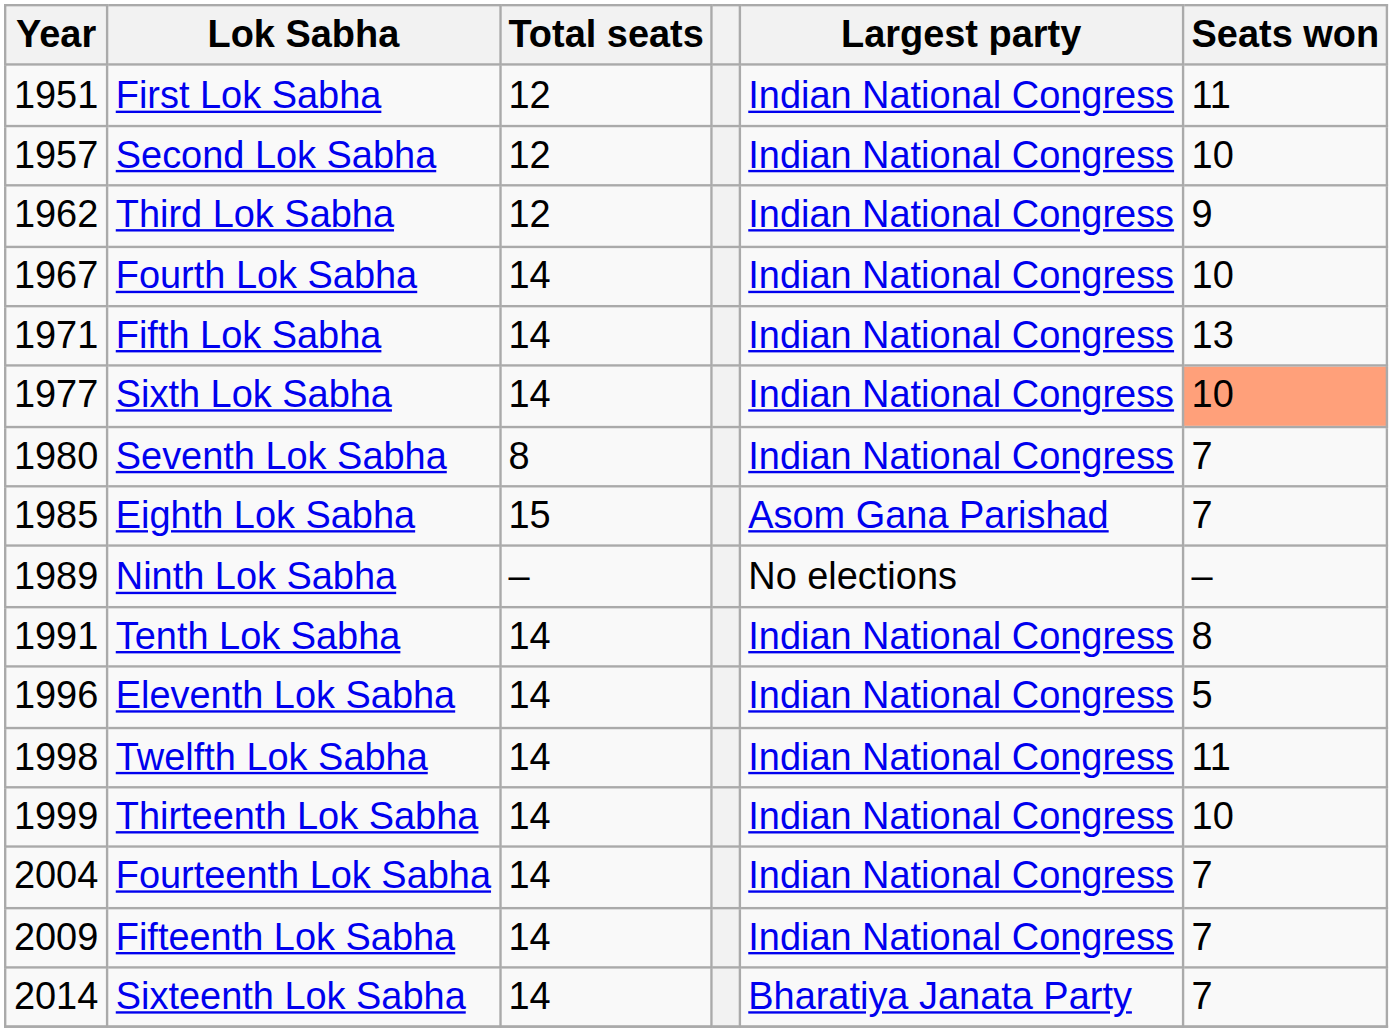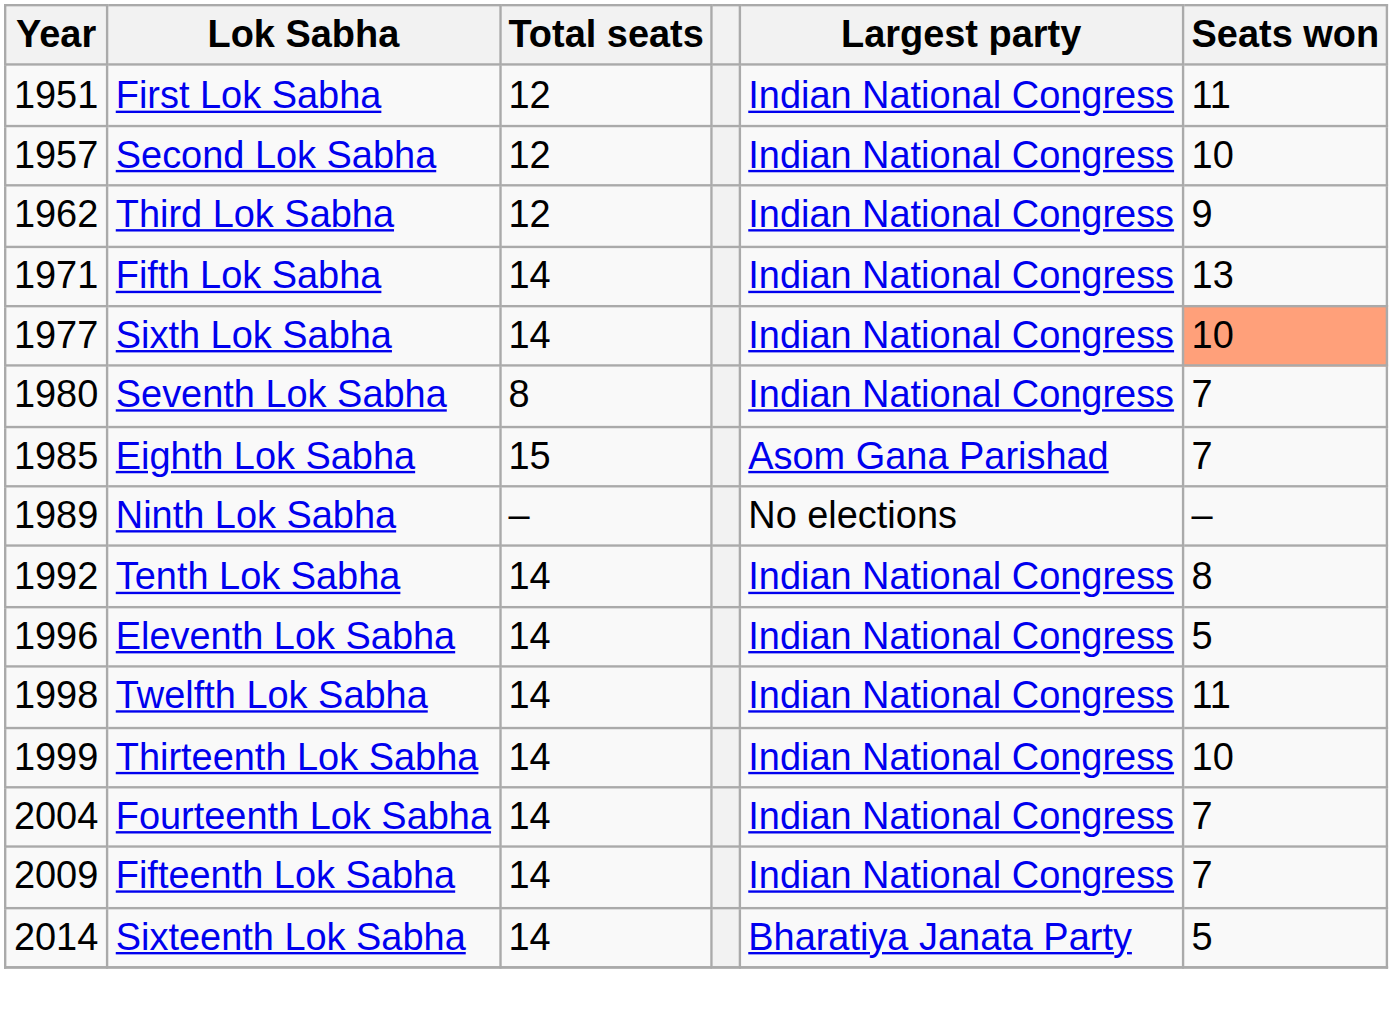 <table class="wikitable">
 <tr>
 <th>Year</th>
 <th>Lok Sabha</th>
 <th>Total seats</th>
 <th style="width:4px"></th>
 <th>Largest party</th>
 <th>Seats won</th>
 </tr>
 <tr>
 <td>1951</td>
 <td><a href='#'>First Lok Sabha</a></td>
 <td>12</td>
 <th style="background-color: "></th>
 <td><a href='#'>Indian National Congress</a></td>
 <td>11</td>
 </tr>
 <tr>
 <td>1957</td>
 <td><a href='#'>Second Lok Sabha</a></td>
 <td>12</td>
 <th style="background-color: "></th>
 <td><a href='#'>Indian National Congress</a></td>
 <td>10</td>
 </tr>
 <tr>
 <td>1962</td>
 <td><a href='#'>Third Lok Sabha</a></td>
 <td>12</td>
 <th style="background-color: "></th>
 <td><a href='#'>Indian National Congress</a></td>
 <td>9</td>
-</tr>
-<tr>
-<td>1967</td>
-<td><a href='#'>Fourth Lok Sabha</a></td>
-<td>14</td>
-<th style="background-color: "></th>
-<td><a href='#'>Indian National Congress</a></td>
-<td>10</td>
 </tr>
 <tr>
 <td>1971</td>
 <td><a href='#'>Fifth Lok Sabha</a></td>
 <td>14</td>
 <th style="background-color: "></th>
 <td><a href='#'>Indian National Congress</a></td>
 <td>13</td>
 </tr>
 <tr>
 <td>1977</td>
 <td><a href='#'>Sixth Lok Sabha</a></td>
 <td>14</td>
 <th style="background-color: "></th>
 <td><a href='#'>Indian National Congress</a></td>
 <td style="background: lightsalmon;">10</td>
 </tr>
 <tr>
 <td>1980</td>
 <td><a href='#'>Seventh Lok Sabha</a></td>
 <td>8</td>
 <th style="background-color: "></th>
 <td><a href='#'>Indian National Congress</a></td>
 <td>7</td>
 </tr>
 <tr>
 <td>1985</td>
 <td><a href='#'>Eighth Lok Sabha</a></td>
 <td>15</td>
 <th style="background-color: "></th>
 <td><a href='#'>Asom Gana Parishad</a></td>
 <td>7</td>
 </tr>
 <tr>
 <td>1989</td>
 <td><a href='#'>Ninth Lok Sabha</a></td>
 <td>–</td>
 <th style="background-color: "></th>
 <td> No elections</td>
 <td>–</td>
 </tr>
 <tr>
-<td>1991</td>
+<td>1992</td>
 <td><a href='#'>Tenth Lok Sabha</a></td>
 <td>14</td>
 <th style="background-color: "></th>
 <td><a href='#'>Indian National Congress</a></td>
 <td>8</td>
 </tr>
 <tr>
 <td>1996</td>
 <td><a href='#'>Eleventh Lok Sabha</a></td>
 <td>14</td>
 <th style="background-color: "></th>
 <td><a href='#'>Indian National Congress</a></td>
 <td>5</td>
 </tr>
 <tr>
 <td>1998</td>
 <td><a href='#'>Twelfth Lok Sabha</a></td>
 <td>14</td>
 <th style="background-color: "></th>
 <td><a href='#'>Indian National Congress</a></td>
 <td>11</td>
 </tr>
 <tr>
 <td>1999</td>
 <td><a href='#'>Thirteenth Lok Sabha</a></td>
 <td>14</td>
 <th style="background-color: "></th>
 <td><a href='#'>Indian National Congress</a></td>
 <td>10</td>
 </tr>
 <tr>
 <td>2004</td>
 <td><a href='#'>Fourteenth Lok Sabha</a></td>
 <td>14</td>
 <th style="background-color: "></th>
 <td><a href='#'>Indian National Congress</a></td>
 <td>7</td>
 </tr>
 <tr>
 <td>2009</td>
 <td><a href='#'>Fifteenth Lok Sabha</a></td>
 <td>14</td>
 <th style="background-color: "></th>
 <td><a href='#'>Indian National Congress</a></td>
 <td>7</td>
 </tr>
 <tr>
 <td>2014</td>
 <td><a href='#'>Sixteenth Lok Sabha</a></td>
 <td>14</td>
 <th style="background-color: "></th>
 <td><a href='#'>Bharatiya Janata Party</a></td>
-<td>7</td>
+<td>5</td>
 </tr>
 <tr>
 </tr>
 </table>
